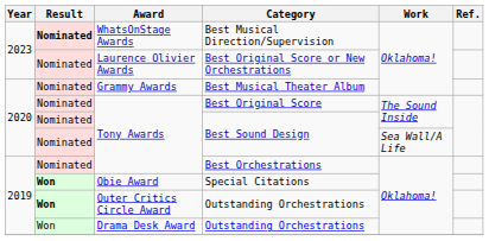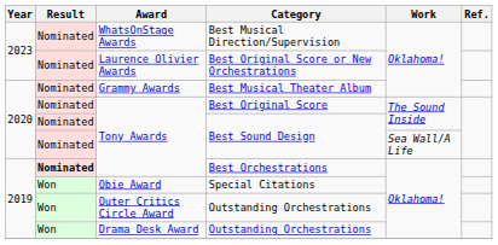 <table class="wikitable">
 <tr>
 <th>Year</th>
 <th>Result</th>
 <th>Award</th>
 <th>Category</th>
 <th>Work</th>
 <th>Ref.</th>
 </tr>
 <tr>
 <td rowspan="2">2023</td>
-<td style="background: #ffdddd"><strong>Nominated</strong></td>
+<td style="background: #ffdddd">Nominated</td>
 <td><a href='#'>WhatsOnStage Awards</a></td>
 <td>Best Musical Direction/Supervision</td>
 <td rowspan="3"><em><a href='#'>Oklahoma!</a></em></td>
 <td></td>
 </tr>
 <tr>
 <td style="background: #ffdddd">Nominated</td>
 <td><a href='#'>Laurence Olivier Awards</a></td>
 <td><a href='#'>Best Original Score or New Orchestrations</a></td>
 <td></td>
 </tr>
 <tr>
 <td rowspan="4">2020</td>
 <td style="background: #ffdddd">Nominated</td>
 <td><a href='#'>Grammy Awards</a></td>
 <td><a href='#'>Best Musical Theater Album</a></td>
 <td></td>
 </tr>
 <tr>
 <td style="background: #ffdddd">Nominated</td>
 <td rowspan="4"><a href='#'>Tony Awards</a></td>
 <td><a href='#'>Best Original Score</a></td>
 <td rowspan="2"><em><a href='#'>The Sound Inside</a></em></td>
 <td rowspan="3"></td>
 </tr>
 <tr>
 <td style="background: #ffdddd">Nominated</td>
 <td rowspan="2"><a href='#'>Best Sound Design</a></td>
 </tr>
 <tr>
 <td style="background: #ffdddd">Nominated</td>
 <td><em>Sea Wall/A Life</em></td>
 </tr>
 <tr>
 <td rowspan="4">2019</td>
-<td style="background: #ffdddd">Nominated</td>
+<td style="background: #ffdddd"><strong>Nominated</strong></td>
 <td><a href='#'>Best Orchestrations</a></td>
 <td rowspan="4"><em><a href='#'>Oklahoma!</a></em></td>
 <td></td>
 </tr>
 <tr>
-<td style="background: #ddffdd"><strong>Won</strong></td>
+<td style="background: #ddffdd">Won</td>
 <td><a href='#'>Obie Award</a></td>
 <td>Special Citations</td>
 <td></td>
 </tr>
 <tr>
-<td style="background: #ddffdd"><strong>Won</strong></td>
+<td style="background: #ddffdd">Won</td>
 <td><a href='#'>Outer Critics Circle Award</a></td>
 <td>Outstanding Orchestrations</td>
 <td></td>
 </tr>
 <tr>
 <td style="background: #ddffdd">Won</td>
 <td><a href='#'>Drama Desk Award</a></td>
 <td><a href='#'>Outstanding Orchestrations</a></td>
 <td></td>
 </tr>
 <tr>
 </tr>
 </table>
